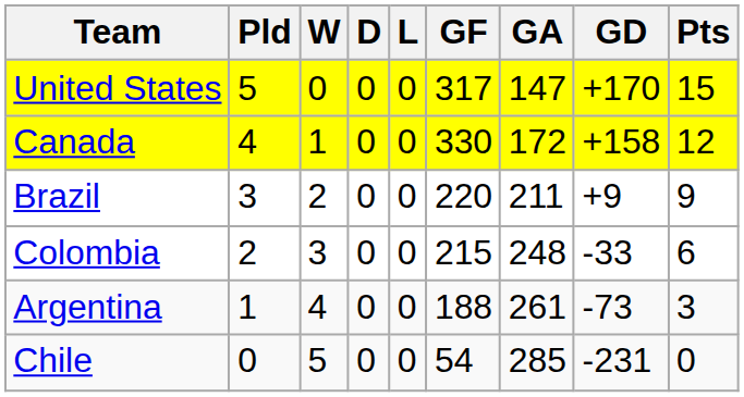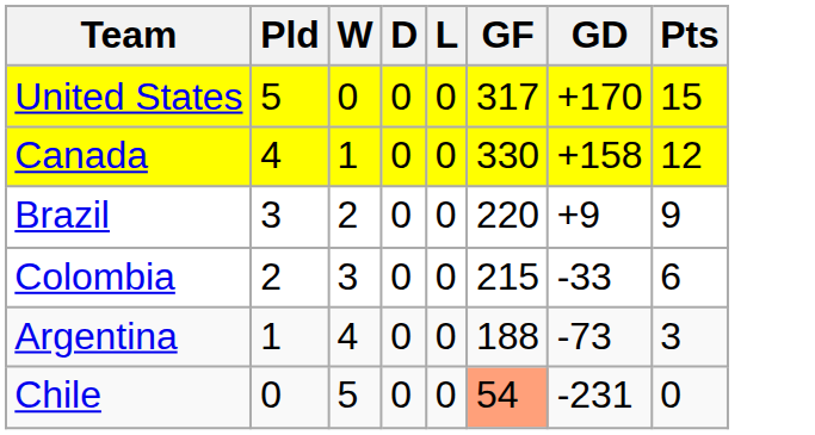 <table class="wikitable" border="1">
 <tr>
 <th>Team</th>
 <th>Pld</th>
 <th>W</th>
 <th>D</th>
 <th>L</th>
 <th>GF</th>
-<th>GA</th>
 <th>GD</th>
 <th>Pts</th>
 </tr>
 <tr style="background:#ffff00">
 <td> <a href='#'>United States</a></td>
 <td>5</td>
 <td>0</td>
 <td>0</td>
 <td>0</td>
 <td>317</td>
-<td>147</td>
 <td>+170</td>
 <td>15</td>
 </tr>
 <tr style="background:#ffff00">
 <td> <a href='#'>Canada</a></td>
 <td>4</td>
 <td>1</td>
 <td>0</td>
 <td>0</td>
 <td>330</td>
-<td>172</td>
 <td>+158</td>
 <td>12</td>
 </tr>
 <tr style="background:#ffffff">
 <td> <a href='#'>Brazil</a></td>
 <td>3</td>
 <td>2</td>
 <td>0</td>
 <td>0</td>
 <td>220</td>
-<td>211</td>
 <td>+9</td>
 <td>9</td>
 </tr>
 <tr style="background:#ffffff">
 <td> <a href='#'>Colombia</a></td>
 <td>2</td>
 <td>3</td>
 <td>0</td>
 <td>0</td>
 <td>215</td>
-<td>248</td>
 <td>-33</td>
 <td>6</td>
 </tr>
 <tr>
 <td> <a href='#'>Argentina</a></td>
 <td>1</td>
 <td>4</td>
 <td>0</td>
 <td>0</td>
 <td>188</td>
-<td>261</td>
 <td>-73</td>
 <td>3</td>
 </tr>
 <tr>
 <td> <a href='#'>Chile</a></td>
 <td>0</td>
 <td>5</td>
 <td>0</td>
 <td>0</td>
-<td>54</td>
-<td>285</td>
+<td style="background: lightsalmon;">54</td>
 <td>-231</td>
 <td>0</td>
 </tr>
 </table>
